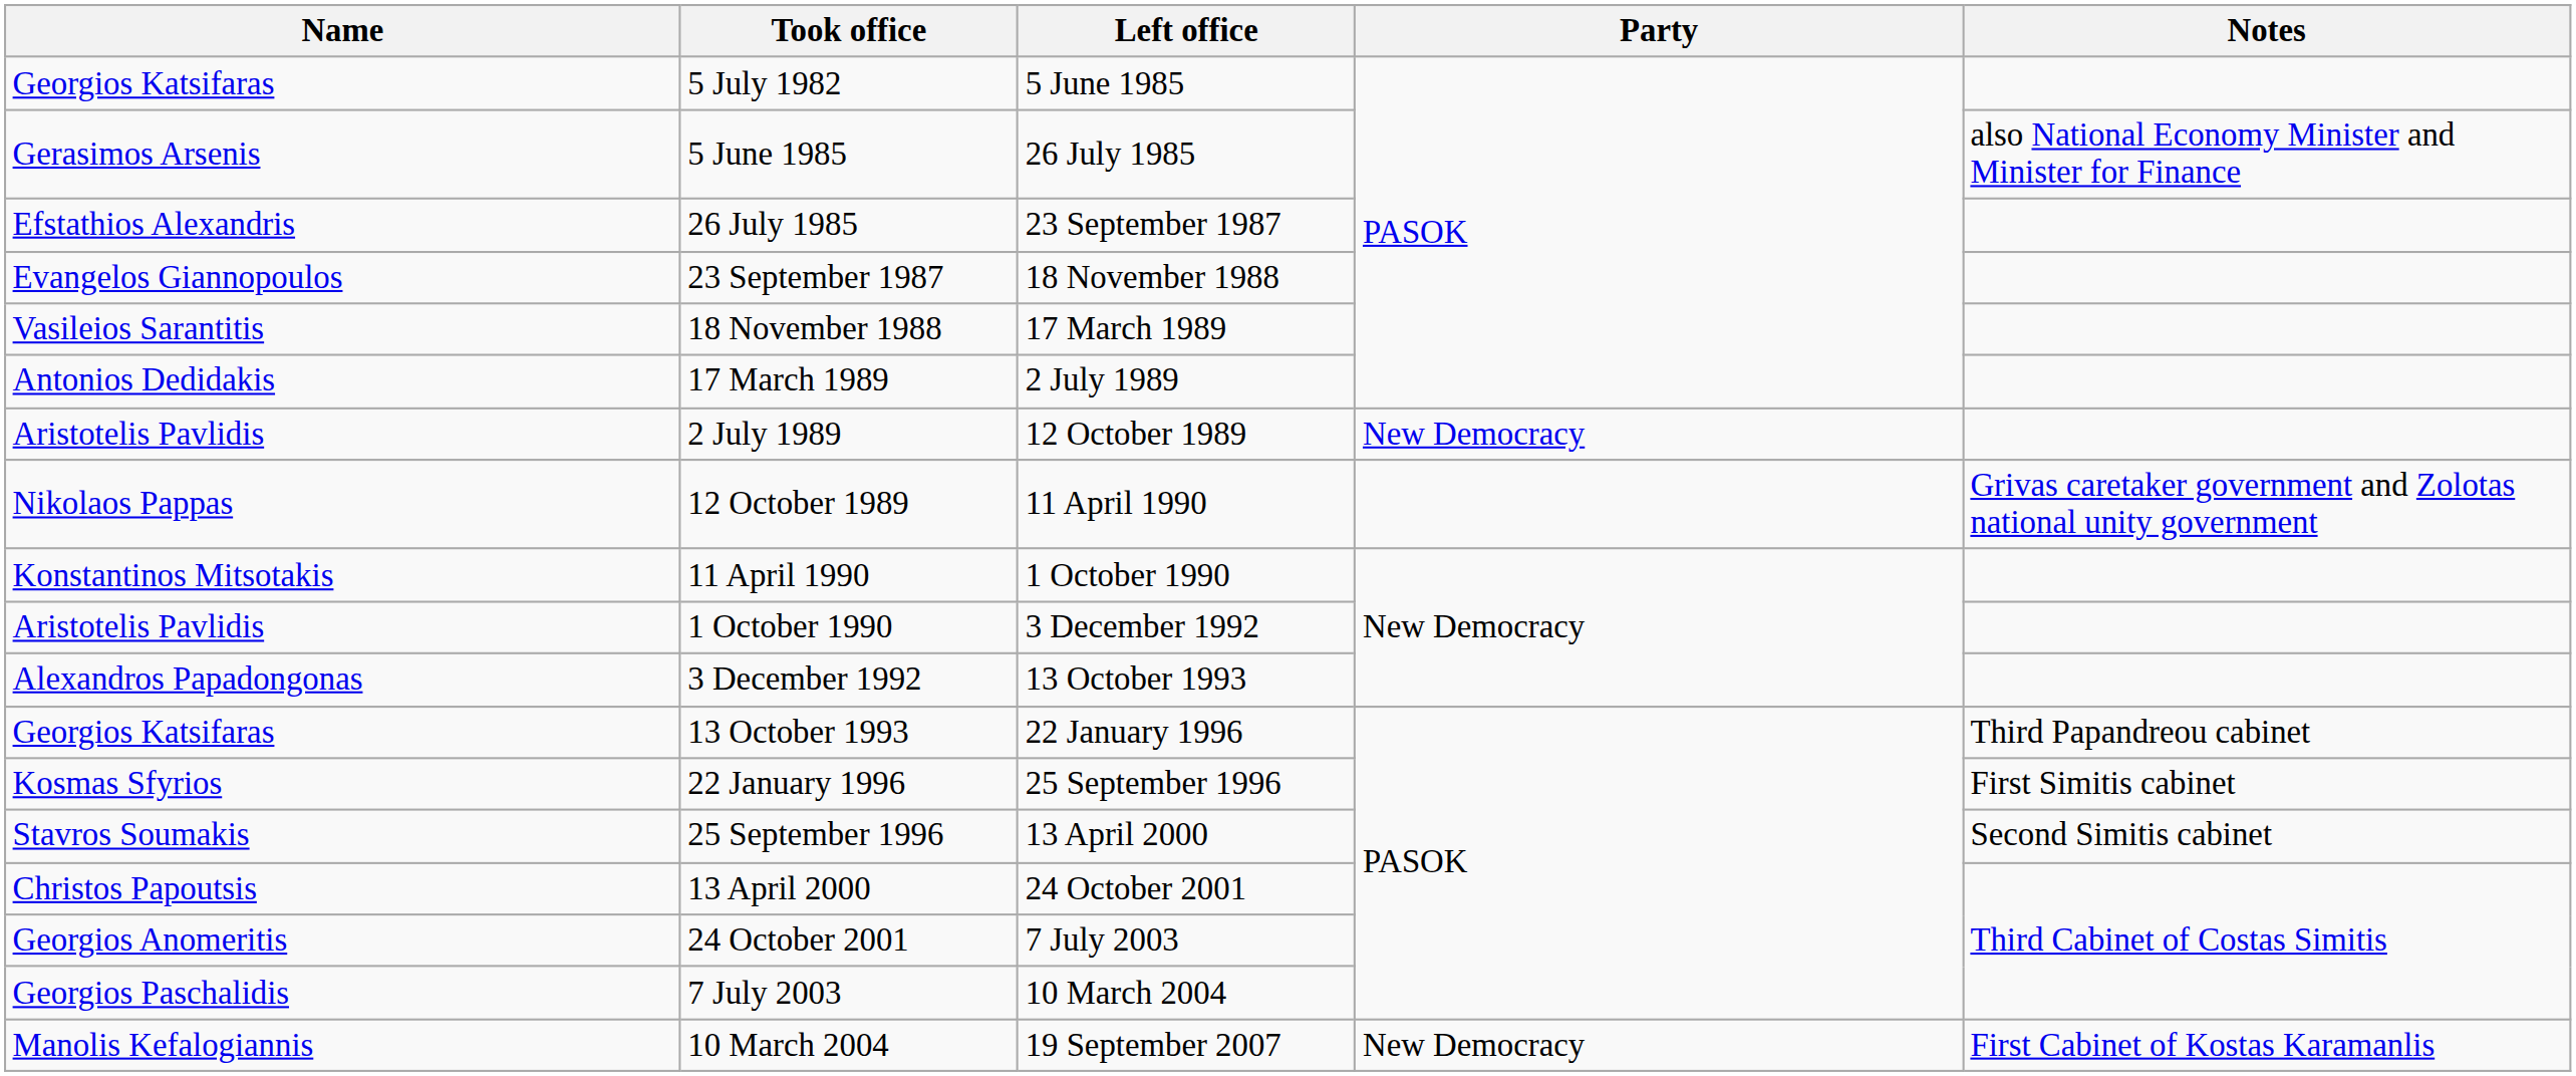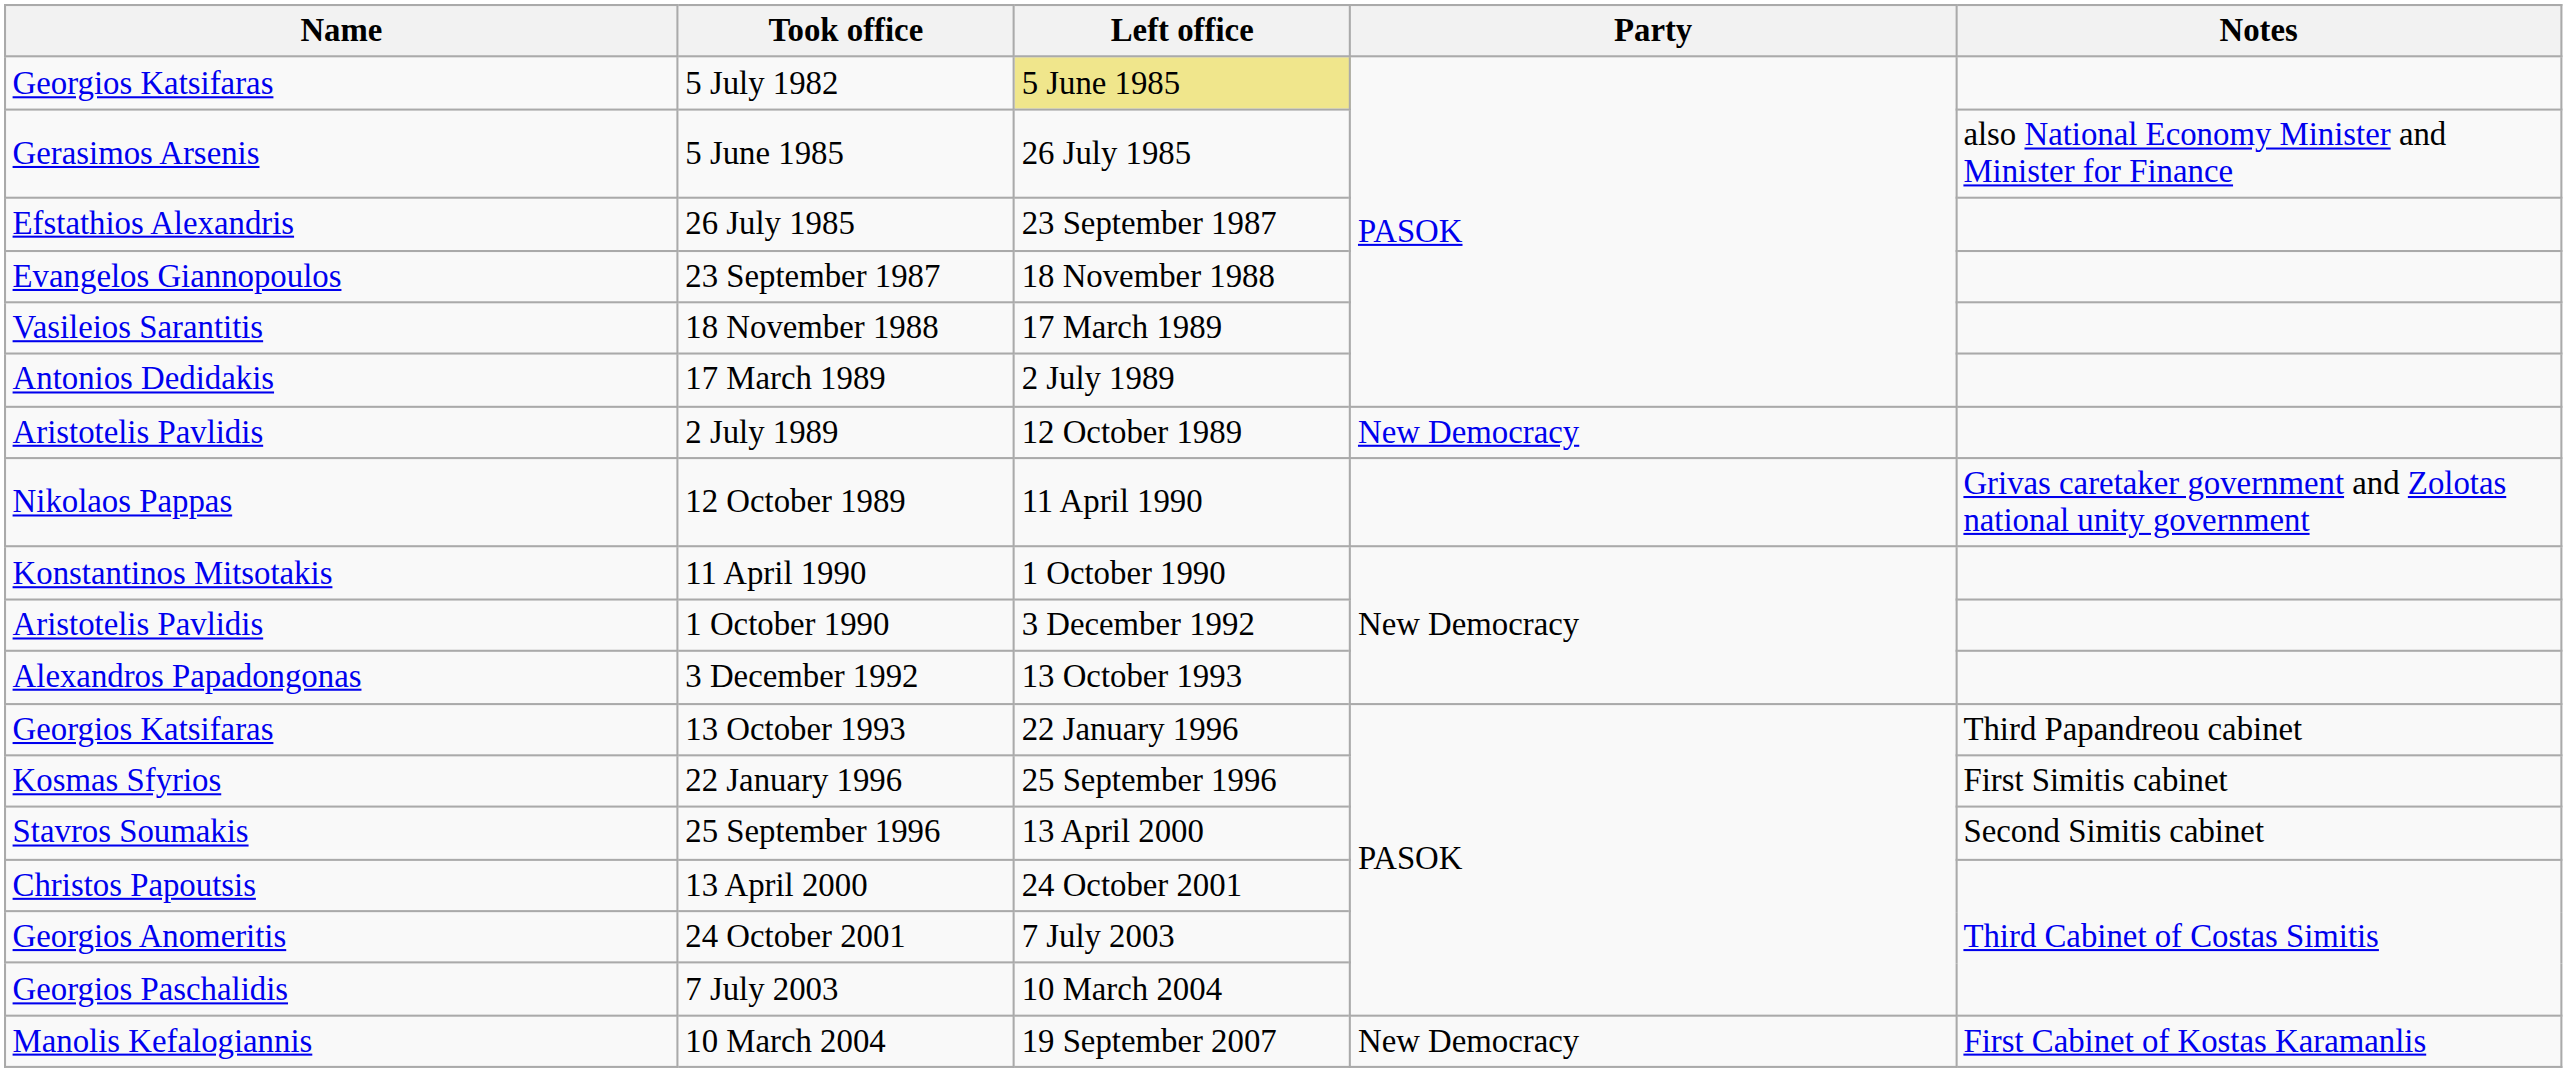 <table class="wikitable">
 <tr>
 <th width="20%">Name</th>
 <th width="10%">Took office</th>
 <th width="10%">Left office</th>
 <th width="18%">Party</th>
 <th width="18%">Notes</th>
 </tr>
 <tr>
 <td><a href='#'>Georgios Katsifaras</a></td>
 <td>5 July 1982</td>
-<td>5 June 1985</td>
+<td style="background: khaki;">5 June 1985</td>
 <td rowspan=6><a href='#'>PASOK</a></td>
 <td></td>
 </tr>
 <tr>
 <td><a href='#'>Gerasimos Arsenis</a></td>
 <td>5 June 1985</td>
 <td>26 July 1985</td>
 <td>also <a href='#'>National Economy Minister</a> and <a href='#'>Minister for Finance</a></td>
 </tr>
 <tr>
 <td><a href='#'>Efstathios Alexandris</a></td>
 <td>26 July 1985</td>
 <td>23 September 1987</td>
 <td></td>
 </tr>
 <tr>
 <td><a href='#'>Evangelos Giannopoulos</a></td>
 <td>23 September 1987</td>
 <td>18 November 1988</td>
 <td></td>
 </tr>
 <tr>
 <td><a href='#'>Vasileios Sarantitis</a></td>
 <td>18 November 1988</td>
 <td>17 March 1989</td>
 <td></td>
 </tr>
 <tr>
 <td><a href='#'>Antonios Dedidakis</a></td>
 <td>17 March 1989</td>
 <td>2 July 1989</td>
 <td></td>
 </tr>
 <tr>
 <td><a href='#'>Aristotelis Pavlidis</a></td>
 <td>2 July 1989</td>
 <td>12 October 1989</td>
 <td><a href='#'>New Democracy</a></td>
 <td></td>
 </tr>
 <tr>
 <td><a href='#'>Nikolaos Pappas</a></td>
 <td>12 October 1989</td>
 <td>11 April 1990</td>
 <td></td>
 <td><a href='#'>Grivas caretaker government</a> and <a href='#'>Zolotas national unity government</a></td>
 </tr>
 <tr>
 <td><a href='#'>Konstantinos Mitsotakis</a></td>
 <td>11 April 1990</td>
 <td>1 October 1990</td>
 <td rowspan=3>New Democracy</td>
 <td></td>
 </tr>
 <tr>
 <td><a href='#'>Aristotelis Pavlidis</a></td>
 <td>1 October 1990</td>
 <td>3 December 1992</td>
 <td></td>
 </tr>
 <tr>
 <td><a href='#'>Alexandros Papadongonas</a></td>
 <td>3 December 1992</td>
 <td>13 October 1993</td>
 <td></td>
 </tr>
 <tr>
 <td><a href='#'>Georgios Katsifaras</a></td>
 <td>13 October 1993</td>
 <td>22 January 1996</td>
 <td rowspan=6>PASOK</td>
 <td>Third Papandreou cabinet</td>
 </tr>
 <tr>
 <td><a href='#'>Kosmas Sfyrios</a></td>
 <td>22 January 1996</td>
 <td>25 September 1996</td>
 <td>First Simitis cabinet</td>
 </tr>
 <tr>
 <td><a href='#'>Stavros Soumakis</a></td>
 <td>25 September 1996</td>
 <td>13 April 2000</td>
 <td>Second Simitis cabinet</td>
 </tr>
 <tr>
 <td><a href='#'>Christos Papoutsis</a></td>
 <td>13 April 2000</td>
 <td>24 October 2001</td>
 <td rowspan=3><a href='#'>Third Cabinet of Costas Simitis</a></td>
 </tr>
 <tr>
 <td><a href='#'>Georgios Anomeritis</a></td>
 <td>24 October 2001</td>
 <td>7 July 2003</td>
 </tr>
 <tr>
 <td><a href='#'>Georgios Paschalidis</a></td>
 <td>7 July 2003</td>
 <td>10 March 2004</td>
 </tr>
 <tr>
 <td><a href='#'>Manolis Kefalogiannis</a></td>
 <td>10 March 2004</td>
 <td>19 September 2007</td>
 <td>New Democracy</td>
 <td><a href='#'>First Cabinet of Kostas Karamanlis</a></td>
 </tr>
 </table>
